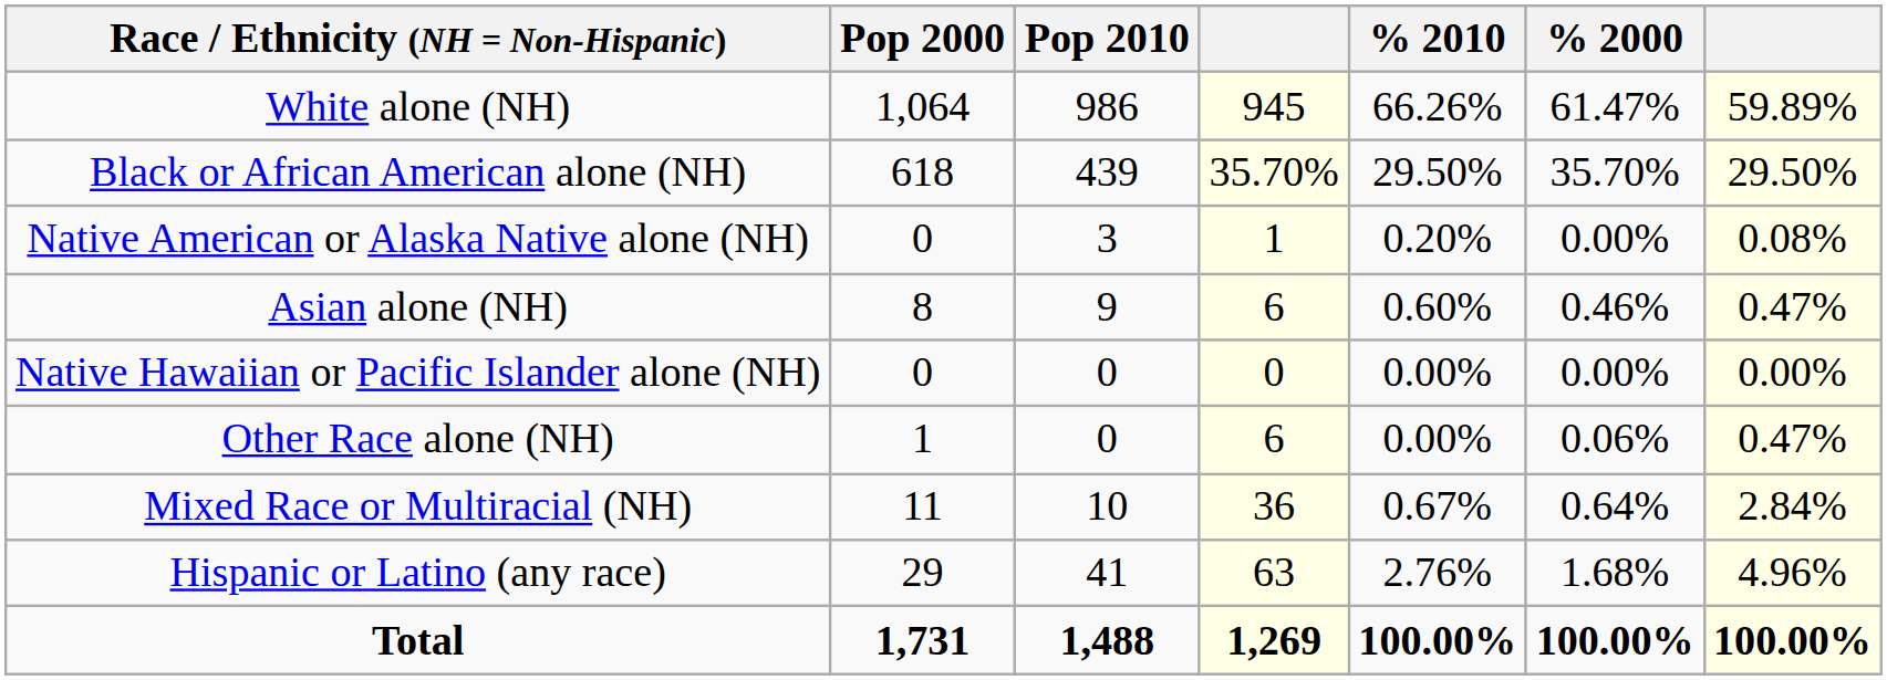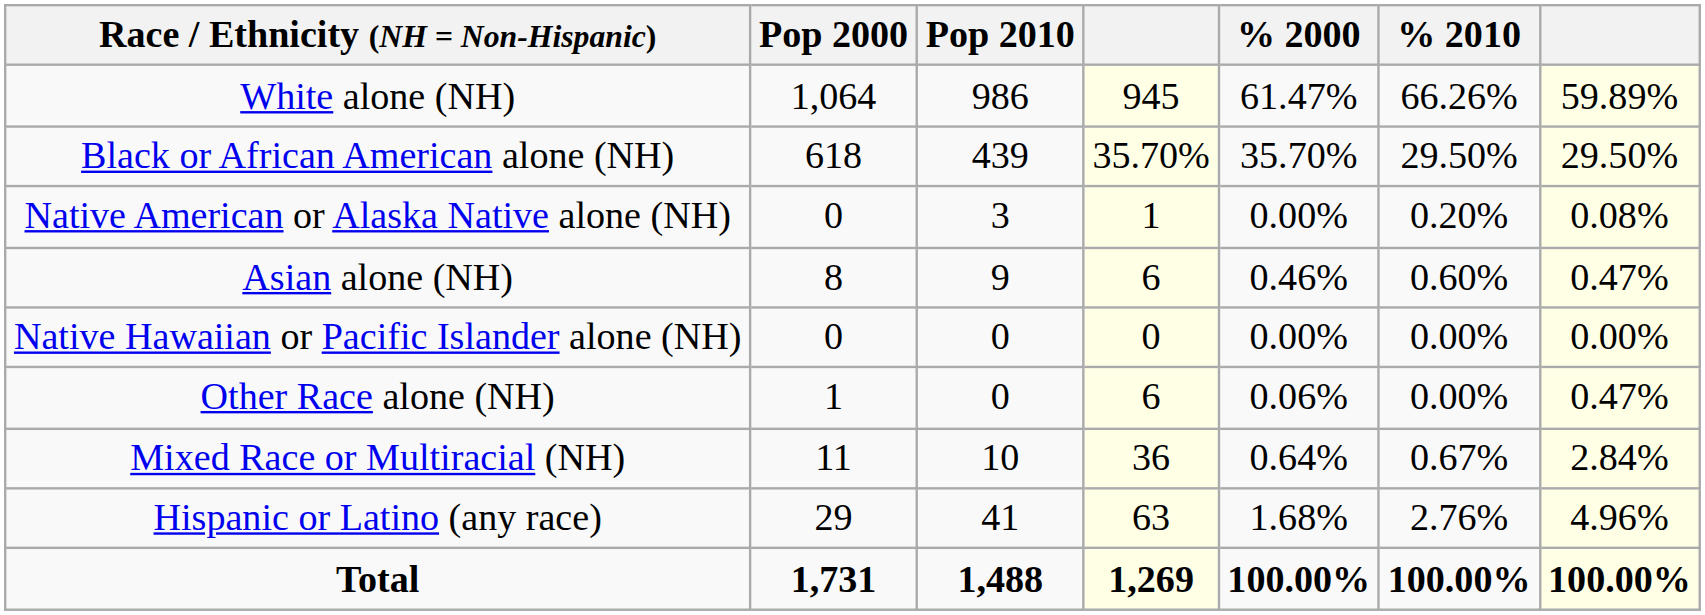 <table class="wikitable" style="text-align:center;">
 <tr>
 <th>Race / Ethnicity <small>(<em>NH = Non-Hispanic</em>)</small></th>
 <th>Pop 2000</th>
 <th>Pop 2010</th>
 <th></th>
+<th>% 2000</th>
 <th>% 2010</th>
-<th>% 2000</th>
 <th></th>
 </tr>
 <tr>
 <td><a href='#'>White</a> alone (NH)</td>
 <td>1,064</td>
 <td>986</td>
 <td style='background: #ffffe6;'>945</td>
+<td>61.47%</td>
 <td>66.26%</td>
-<td>61.47%</td>
 <td style='background: #ffffe6;'>59.89%</td>
 </tr>
 <tr>
 <td><a href='#'>Black or African American</a> alone (NH)</td>
 <td>618</td>
 <td>439</td>
 <td style='background: #ffffe6;'>35.70%</td>
+<td>35.70%</td>
 <td>29.50%</td>
-<td>35.70%</td>
 <td style='background: #ffffe6;'>29.50%</td>
 </tr>
 <tr>
 <td><a href='#'>Native American</a> or <a href='#'>Alaska Native</a> alone (NH)</td>
 <td>0</td>
 <td>3</td>
 <td style='background: #ffffe6;'>1</td>
+<td>0.00%</td>
 <td>0.20%</td>
-<td>0.00%</td>
 <td style='background: #ffffe6;'>0.08%</td>
 </tr>
 <tr>
 <td><a href='#'>Asian</a> alone (NH)</td>
 <td>8</td>
 <td>9</td>
 <td style='background: #ffffe6;'>6</td>
+<td>0.46%</td>
 <td>0.60%</td>
-<td>0.46%</td>
 <td style='background: #ffffe6;'>0.47%</td>
 </tr>
 <tr>
 <td><a href='#'>Native Hawaiian</a> or <a href='#'>Pacific Islander</a> alone (NH)</td>
 <td>0</td>
 <td>0</td>
 <td style='background: #ffffe6;'>0</td>
 <td>0.00%</td>
 <td>0.00%</td>
 <td style='background: #ffffe6;'>0.00%</td>
 </tr>
 <tr>
 <td><a href='#'>Other Race</a> alone (NH)</td>
 <td>1</td>
 <td>0</td>
 <td style='background: #ffffe6;'>6</td>
+<td>0.06%</td>
 <td>0.00%</td>
-<td>0.06%</td>
 <td style='background: #ffffe6;'>0.47%</td>
 </tr>
 <tr>
 <td><a href='#'>Mixed Race or Multiracial</a> (NH)</td>
 <td>11</td>
 <td>10</td>
 <td style='background: #ffffe6;'>36</td>
+<td>0.64%</td>
 <td>0.67%</td>
-<td>0.64%</td>
 <td style='background: #ffffe6;'>2.84%</td>
 </tr>
 <tr>
 <td><a href='#'>Hispanic or Latino</a> (any race)</td>
 <td>29</td>
 <td>41</td>
 <td style='background: #ffffe6;'>63</td>
+<td>1.68%</td>
 <td>2.76%</td>
-<td>1.68%</td>
 <td style='background: #ffffe6;'>4.96%</td>
 </tr>
 <tr>
 <td><strong>Total</strong></td>
 <td><strong>1,731</strong></td>
 <td><strong>1,488</strong></td>
 <td style='background: #ffffe6;'><strong>1,269</strong></td>
 <td><strong>100.00%</strong></td>
 <td><strong>100.00%</strong></td>
 <td style='background: #ffffe6;'><strong>100.00%</strong></td>
 </tr>
 </table>
